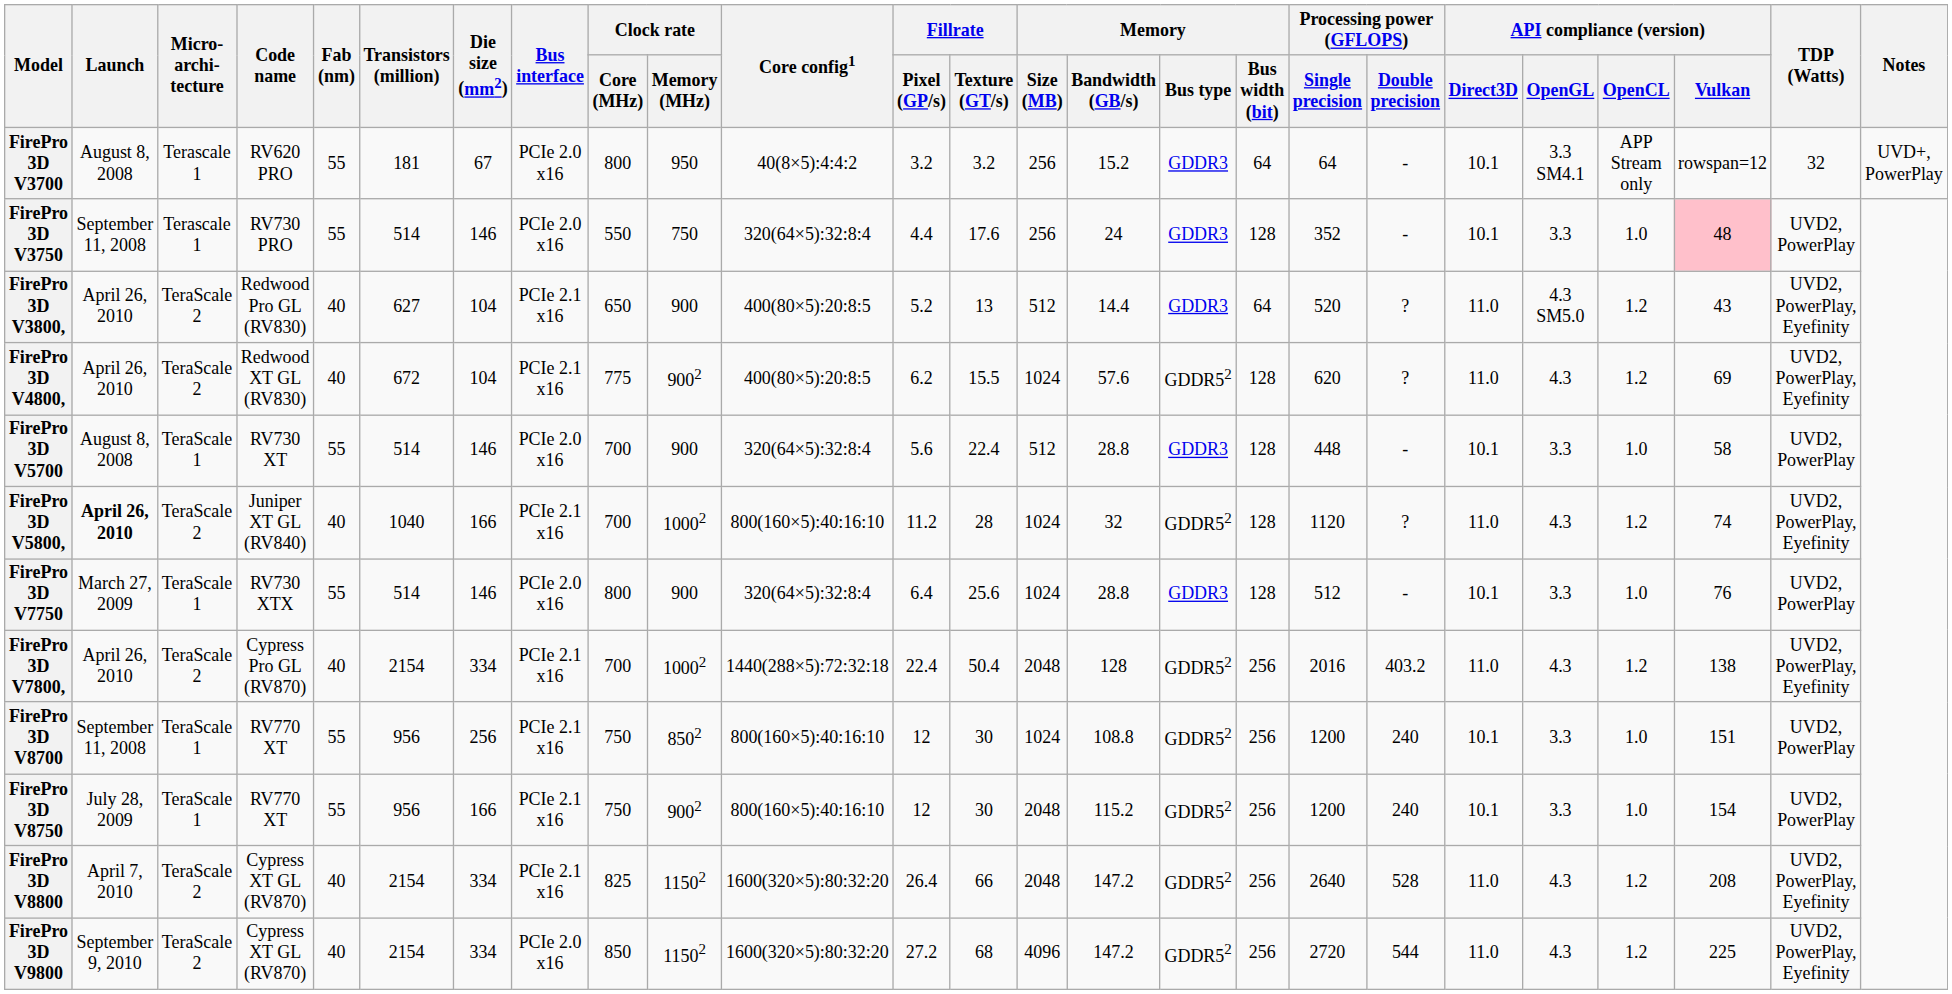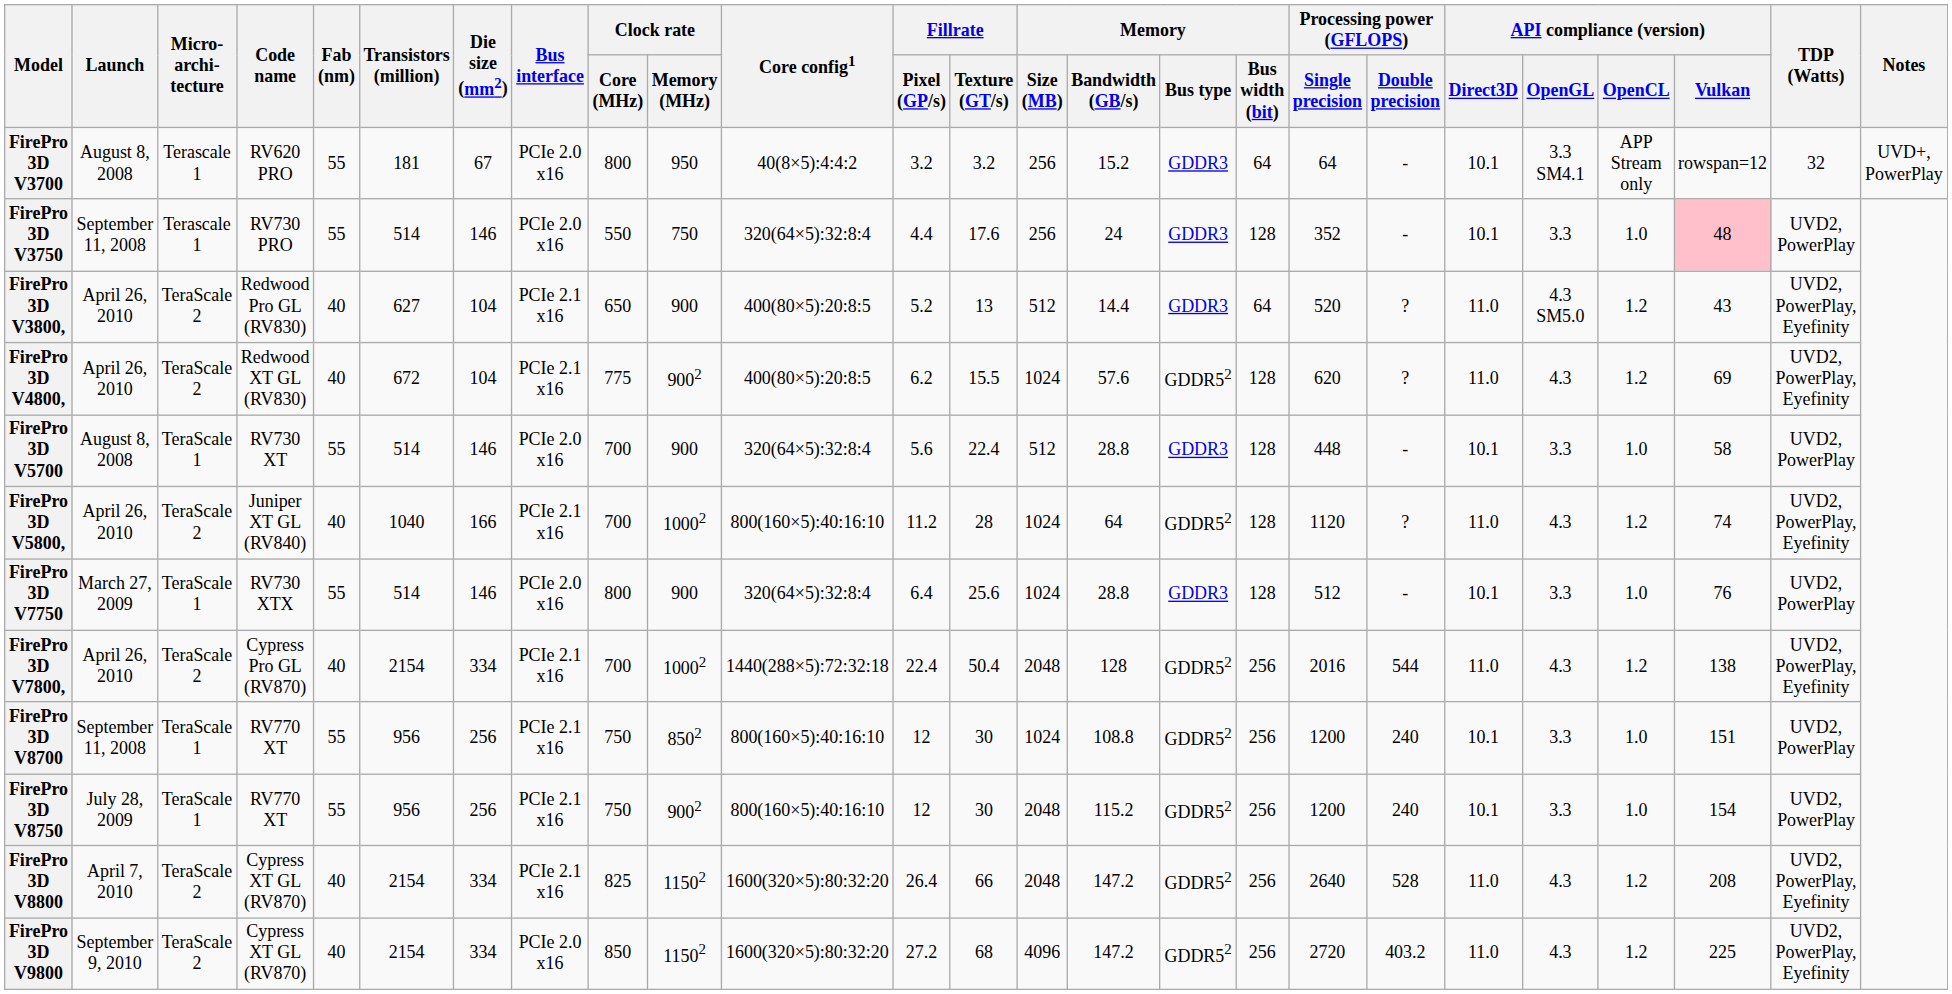 <table class="wikitable" style="font-size:85%; text-align:center;">
 <tr>
 <th rowspan="2" style="width:12em">Model</th>
 <th rowspan="2">Launch</th>
 <th rowspan="2">Micro-archi-tecture</th>
 <th rowspan="2">Code name</th>
 <th rowspan="2">Fab (nm)</th>
 <th rowspan="2">Transistors (million)</th>
 <th rowspan="2">Die size (<a href='#'>mm<sup>2</sup></a>)</th>
 <th rowspan="2"><a href='#'>Bus</a> <a href='#'>interface</a></th>
 <th colspan="2">Clock rate</th>
 <th rowspan="2">Core config<sup>1</sup></th>
 <th colspan="2"><a href='#'>Fillrate</a></th>
 <th colspan="4">Memory</th>
 <th colspan="2">Processing power<br>(<a href='#'>GFLOPS</a>)</th>
 <th colspan="4"><a href='#'>API</a> compliance (version)</th>
 <th rowspan="2">TDP (Watts)</th>
 <th rowspan="2">Notes</th>
 </tr>
 <tr>
 <th>Core (MHz)</th>
 <th>Memory (MHz)</th>
 <th>Pixel (<a href='#'>GP</a>/s)</th>
 <th>Texture (<a href='#'>GT</a>/s)</th>
 <th>Size (<a href='#'>MB</a>)</th>
 <th>Bandwidth (<a href='#'>GB</a>/s)</th>
 <th>Bus type</th>
 <th>Bus width (<a href='#'>bit</a>)</th>
 <th><a href='#'>Single precision</a></th>
 <th><a href='#'>Double precision</a></th>
 <th><a href='#'>Direct3D</a></th>
 <th><a href='#'>OpenGL</a></th>
 <th><a href='#'>OpenCL</a></th>
 <th><a href='#'>Vulkan</a></th>
 </tr>
 <tr>
 <th>FirePro 3D V3700</th>
 <td>August 8, 2008</td>
 <td>Terascale 1</td>
 <td>RV620 PRO</td>
 <td>55</td>
 <td>181</td>
 <td>67</td>
 <td>PCIe 2.0 x16</td>
 <td>800</td>
 <td>950</td>
 <td>40(8×5):4:4:2</td>
 <td>3.2</td>
 <td>3.2</td>
 <td>256</td>
 <td>15.2</td>
 <td><a href='#'>GDDR3</a></td>
 <td>64</td>
 <td>64</td>
 <td>-</td>
 <td>10.1</td>
 <td>3.3 SM4.1</td>
 <td>APP Stream only</td>
 <td>rowspan=12 </td>
 <td>32</td>
 <td>UVD+, PowerPlay</td>
 </tr>
 <tr>
 <th>FirePro 3D V3750</th>
 <td>September 11, 2008</td>
 <td>Terascale 1</td>
 <td>RV730 PRO</td>
 <td>55</td>
 <td>514</td>
 <td>146</td>
 <td>PCIe 2.0 x16</td>
 <td>550</td>
 <td>750</td>
 <td>320(64×5):32:8:4</td>
 <td>4.4</td>
 <td>17.6</td>
 <td>256</td>
 <td>24</td>
 <td><a href='#'>GDDR3</a></td>
 <td>128</td>
 <td>352</td>
 <td>-</td>
 <td>10.1</td>
 <td>3.3</td>
 <td>1.0</td>
 <td style="background: pink;">48</td>
 <td>UVD2, PowerPlay</td>
 </tr>
 <tr>
 <th>FirePro 3D V3800,</th>
 <td>April 26, 2010</td>
 <td>TeraScale 2</td>
 <td>Redwood Pro GL (RV830)</td>
 <td>40</td>
 <td>627</td>
 <td>104</td>
 <td>PCIe 2.1 x16</td>
 <td>650</td>
 <td>900</td>
 <td>400(80×5):20:8:5</td>
 <td>5.2</td>
 <td>13</td>
 <td>512</td>
 <td>14.4</td>
 <td><a href='#'>GDDR3</a></td>
 <td>64</td>
 <td>520</td>
 <td>?</td>
 <td>11.0</td>
 <td>4.3 SM5.0</td>
 <td>1.2</td>
 <td>43</td>
 <td>UVD2, PowerPlay, Eyefinity</td>
 </tr>
 <tr>
 <th>FirePro 3D V4800,</th>
 <td>April 26, 2010</td>
 <td>TeraScale 2</td>
 <td>Redwood XT GL (RV830)</td>
 <td>40</td>
 <td>672</td>
 <td>104</td>
 <td>PCIe 2.1 x16</td>
 <td>775</td>
 <td>900<sup>2</sup></td>
 <td>400(80×5):20:8:5</td>
 <td>6.2</td>
 <td>15.5</td>
 <td>1024</td>
 <td>57.6</td>
 <td>GDDR5<sup>2</sup></td>
 <td>128</td>
 <td>620</td>
 <td>?</td>
 <td>11.0</td>
 <td>4.3</td>
 <td>1.2</td>
 <td>69</td>
 <td>UVD2, PowerPlay, Eyefinity</td>
 </tr>
 <tr>
 <th>FirePro 3D V5700</th>
 <td>August 8, 2008</td>
 <td>TeraScale 1</td>
 <td>RV730 XT</td>
 <td>55</td>
 <td>514</td>
 <td>146</td>
 <td>PCIe 2.0 x16</td>
 <td>700</td>
 <td>900</td>
 <td>320(64×5):32:8:4</td>
 <td>5.6</td>
 <td>22.4</td>
 <td>512</td>
 <td>28.8</td>
 <td><a href='#'>GDDR3</a></td>
 <td>128</td>
 <td>448</td>
 <td>-</td>
 <td>10.1</td>
 <td>3.3</td>
 <td>1.0</td>
 <td>58</td>
 <td>UVD2, PowerPlay</td>
 </tr>
 <tr>
 <th>FirePro 3D V5800,</th>
-<td><strong>April 26, 2010</strong></td>
+<td>April 26, 2010</td>
 <td>TeraScale 2</td>
 <td>Juniper XT GL (RV840)</td>
 <td>40</td>
 <td>1040</td>
 <td>166</td>
 <td>PCIe 2.1 x16</td>
 <td>700</td>
 <td>1000<sup>2</sup></td>
 <td>800(160×5):40:16:10</td>
 <td>11.2</td>
 <td>28</td>
 <td>1024</td>
-<td>32</td>
+<td>64</td>
 <td>GDDR5<sup>2</sup></td>
 <td>128</td>
 <td>1120</td>
 <td>?</td>
 <td>11.0</td>
 <td>4.3</td>
 <td>1.2</td>
 <td>74</td>
 <td>UVD2, PowerPlay, Eyefinity</td>
 </tr>
 <tr>
 <th>FirePro 3D V7750</th>
 <td>March 27, 2009</td>
 <td>TeraScale 1</td>
 <td>RV730 XTX</td>
 <td>55</td>
 <td>514</td>
 <td>146</td>
 <td>PCIe 2.0 x16</td>
 <td>800</td>
 <td>900</td>
 <td>320(64×5):32:8:4</td>
 <td>6.4</td>
 <td>25.6</td>
 <td>1024</td>
 <td>28.8</td>
 <td><a href='#'>GDDR3</a></td>
 <td>128</td>
 <td>512</td>
 <td>-</td>
 <td>10.1</td>
 <td>3.3</td>
 <td>1.0</td>
 <td>76</td>
 <td>UVD2, PowerPlay</td>
 </tr>
 <tr>
 <th>FirePro 3D V7800,</th>
 <td>April 26, 2010</td>
 <td>TeraScale 2</td>
 <td>Cypress Pro GL (RV870)</td>
 <td>40</td>
 <td>2154</td>
 <td>334</td>
 <td>PCIe 2.1 x16</td>
 <td>700</td>
 <td>1000<sup>2</sup></td>
 <td>1440(288×5):72:32:18</td>
 <td>22.4</td>
 <td>50.4</td>
 <td>2048</td>
 <td>128</td>
 <td>GDDR5<sup>2</sup></td>
 <td>256</td>
 <td>2016</td>
-<td>403.2</td>
+<td>544</td>
 <td>11.0</td>
 <td>4.3</td>
 <td>1.2</td>
 <td>138</td>
 <td>UVD2, PowerPlay, Eyefinity</td>
 </tr>
 <tr>
 <th>FirePro 3D V8700</th>
 <td>September 11, 2008</td>
 <td>TeraScale 1</td>
 <td>RV770 XT</td>
 <td>55</td>
 <td>956</td>
 <td>256</td>
 <td>PCIe 2.1 x16</td>
 <td>750</td>
 <td>850<sup>2</sup></td>
 <td>800(160×5):40:16:10</td>
 <td>12</td>
 <td>30</td>
 <td>1024</td>
 <td>108.8</td>
 <td>GDDR5<sup>2</sup></td>
 <td>256</td>
 <td>1200</td>
 <td>240</td>
 <td>10.1</td>
 <td>3.3</td>
 <td>1.0</td>
 <td>151</td>
 <td>UVD2, PowerPlay</td>
 </tr>
 <tr>
 <th>FirePro 3D V8750</th>
 <td>July 28, 2009</td>
 <td>TeraScale 1</td>
 <td>RV770 XT</td>
 <td>55</td>
 <td>956</td>
-<td>166</td>
+<td>256</td>
 <td>PCIe 2.1 x16</td>
 <td>750</td>
 <td>900<sup>2</sup></td>
 <td>800(160×5):40:16:10</td>
 <td>12</td>
 <td>30</td>
 <td>2048</td>
 <td>115.2</td>
 <td>GDDR5<sup>2</sup></td>
 <td>256</td>
 <td>1200</td>
 <td>240</td>
 <td>10.1</td>
 <td>3.3</td>
 <td>1.0</td>
 <td>154</td>
 <td>UVD2, PowerPlay</td>
 </tr>
 <tr>
 <th>FirePro 3D V8800</th>
 <td>April 7, 2010</td>
 <td>TeraScale 2</td>
 <td>Cypress XT GL (RV870)</td>
 <td>40</td>
 <td>2154</td>
 <td>334</td>
 <td>PCIe 2.1 x16</td>
 <td>825</td>
 <td>1150<sup>2</sup></td>
 <td>1600(320×5):80:32:20</td>
 <td>26.4</td>
 <td>66</td>
 <td>2048</td>
 <td>147.2</td>
 <td>GDDR5<sup>2</sup></td>
 <td>256</td>
 <td>2640</td>
 <td>528</td>
 <td>11.0</td>
 <td>4.3</td>
 <td>1.2</td>
 <td>208</td>
 <td>UVD2, PowerPlay, Eyefinity</td>
 </tr>
 <tr>
 <th>FirePro 3D V9800</th>
 <td>September 9, 2010</td>
 <td>TeraScale 2</td>
 <td>Cypress XT GL (RV870)</td>
 <td>40</td>
 <td>2154</td>
 <td>334</td>
 <td>PCIe 2.0 x16</td>
 <td>850</td>
 <td>1150<sup>2</sup></td>
 <td>1600(320×5):80:32:20</td>
 <td>27.2</td>
 <td>68</td>
 <td>4096</td>
 <td>147.2</td>
 <td>GDDR5<sup>2</sup></td>
 <td>256</td>
 <td>2720</td>
-<td>544</td>
+<td>403.2</td>
 <td>11.0</td>
 <td>4.3</td>
 <td>1.2</td>
 <td>225</td>
 <td>UVD2, PowerPlay, Eyefinity</td>
 </tr>
 </table>
